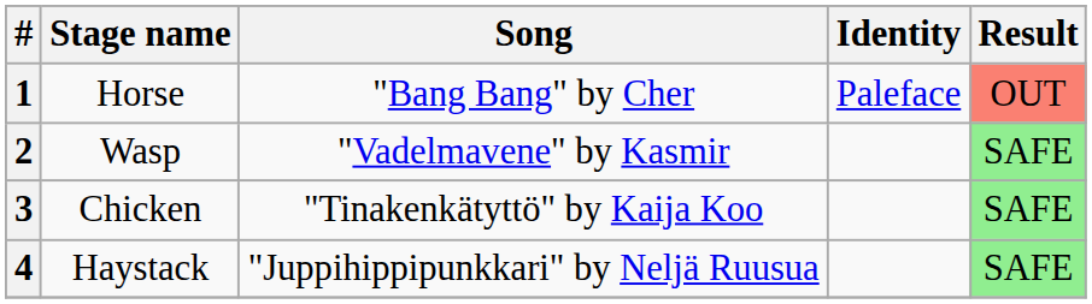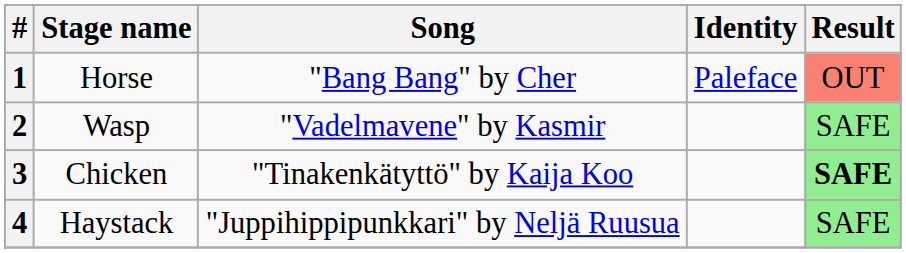 <table class="wikitable plainrowheaders" style="text-align: center;">
 <tr>
 <th>#</th>
 <th>Stage name</th>
 <th>Song</th>
 <th>Identity</th>
 <th>Result</th>
 </tr>
 <tr>
 <th>1</th>
 <td>Horse</td>
 <td>"<a href='#'>Bang Bang</a>" by <a href='#'>Cher</a></td>
 <td><a href='#'>Paleface</a></td>
 <td bgcolor=salmon>OUT</td>
 </tr>
 <tr>
 <th>2</th>
 <td>Wasp</td>
 <td>"<a href='#'>Vadelmavene</a>" by <a href='#'>Kasmir</a></td>
 <td></td>
 <td bgcolor=lightgreen>SAFE</td>
 </tr>
 <tr>
 <th>3</th>
 <td>Chicken</td>
 <td>"Tinakenkätyttö" by <a href='#'>Kaija Koo</a></td>
 <td></td>
-<td bgcolor=lightgreen>SAFE</td>
+<td bgcolor=lightgreen><strong>SAFE</strong></td>
 </tr>
 <tr>
 <th>4</th>
 <td>Haystack</td>
 <td>"Juppihippipunkkari" by <a href='#'>Neljä Ruusua</a></td>
 <td></td>
 <td bgcolor=lightgreen>SAFE</td>
 </tr>
 <tr>
 </tr>
 </table>
